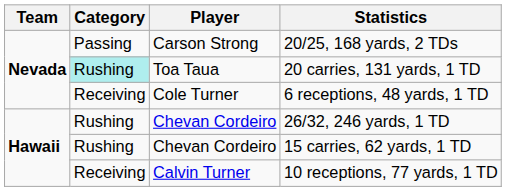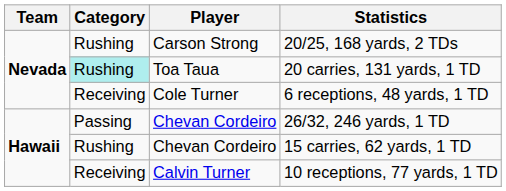 <table class="wikitable" style="float: left;">
 <tr>
 <th>Team</th>
 <th>Category</th>
 <th>Player</th>
 <th>Statistics</th>
 </tr>
 <tr>
 <td rowspan=3><strong>Nevada</strong></td>
-<td>Passing</td>
+<td>Rushing</td>
 <td>Carson Strong</td>
 <td>20/25, 168 yards, 2 TDs</td>
 </tr>
 <tr>
 <td style="background: paleturquoise;">Rushing</td>
 <td>Toa Taua</td>
 <td>20 carries, 131 yards, 1 TD</td>
 </tr>
 <tr>
 <td>Receiving</td>
 <td>Cole Turner</td>
 <td>6 receptions, 48 yards, 1 TD</td>
 </tr>
 <tr>
 <td rowspan=3><strong>Hawaii</strong></td>
-<td>Rushing</td>
+<td>Passing</td>
 <td><a href='#'>Chevan Cordeiro</a></td>
 <td>26/32, 246 yards, 1 TD</td>
 </tr>
 <tr>
 <td>Rushing</td>
 <td>Chevan Cordeiro</td>
 <td>15 carries, 62 yards, 1 TD</td>
 </tr>
 <tr>
 <td>Receiving</td>
 <td><a href='#'>Calvin Turner</a></td>
 <td>10 receptions, 77 yards, 1 TD</td>
 </tr>
 </table>
